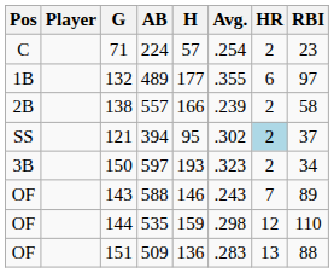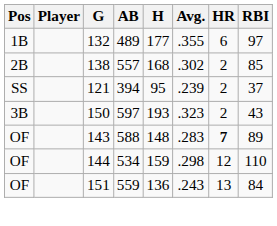 <table class="wikitable sortable" style="text-align:center;">
 <tr>
 <th>Pos</th>
 <th>Player</th>
 <th>G</th>
 <th>AB</th>
 <th>H</th>
 <th>Avg.</th>
 <th>HR</th>
 <th>RBI</th>
-</tr>
-<tr>
-<td>C</td>
-<td></td>
-<td>71</td>
-<td>224</td>
-<td>57</td>
-<td>.254</td>
-<td>2</td>
-<td>23</td>
 </tr>
 <tr>
 <td>1B</td>
 <td></td>
 <td>132</td>
 <td>489</td>
 <td>177</td>
 <td>.355</td>
 <td>6</td>
 <td>97</td>
 </tr>
 <tr>
 <td>2B</td>
 <td></td>
 <td>138</td>
 <td>557</td>
-<td>166</td>
-<td>.239</td>
+<td>168</td>
+<td>.302</td>
 <td>2</td>
-<td>58</td>
+<td>85</td>
 </tr>
 <tr>
 <td>SS</td>
 <td></td>
 <td>121</td>
 <td>394</td>
 <td>95</td>
-<td>.302</td>
-<td style="background: lightblue;">2</td>
+<td>.239</td>
+<td>2</td>
 <td>37</td>
 </tr>
 <tr>
 <td>3B</td>
 <td></td>
 <td>150</td>
 <td>597</td>
 <td>193</td>
 <td>.323</td>
 <td>2</td>
-<td>34</td>
+<td>43</td>
 </tr>
 <tr>
 <td>OF</td>
 <td></td>
 <td>143</td>
 <td>588</td>
-<td>146</td>
-<td>.243</td>
-<td>7</td>
+<td>148</td>
+<td>.283</td>
+<td><strong>7</strong></td>
 <td>89</td>
 </tr>
 <tr>
 <td>OF</td>
 <td></td>
 <td>144</td>
-<td>535</td>
+<td>534</td>
 <td>159</td>
 <td>.298</td>
 <td>12</td>
 <td>110</td>
 </tr>
 <tr>
 <td>OF</td>
 <td></td>
 <td>151</td>
-<td>509</td>
+<td>559</td>
 <td>136</td>
-<td>.283</td>
+<td>.243</td>
 <td>13</td>
-<td>88</td>
+<td>84</td>
 </tr>
 </table>
